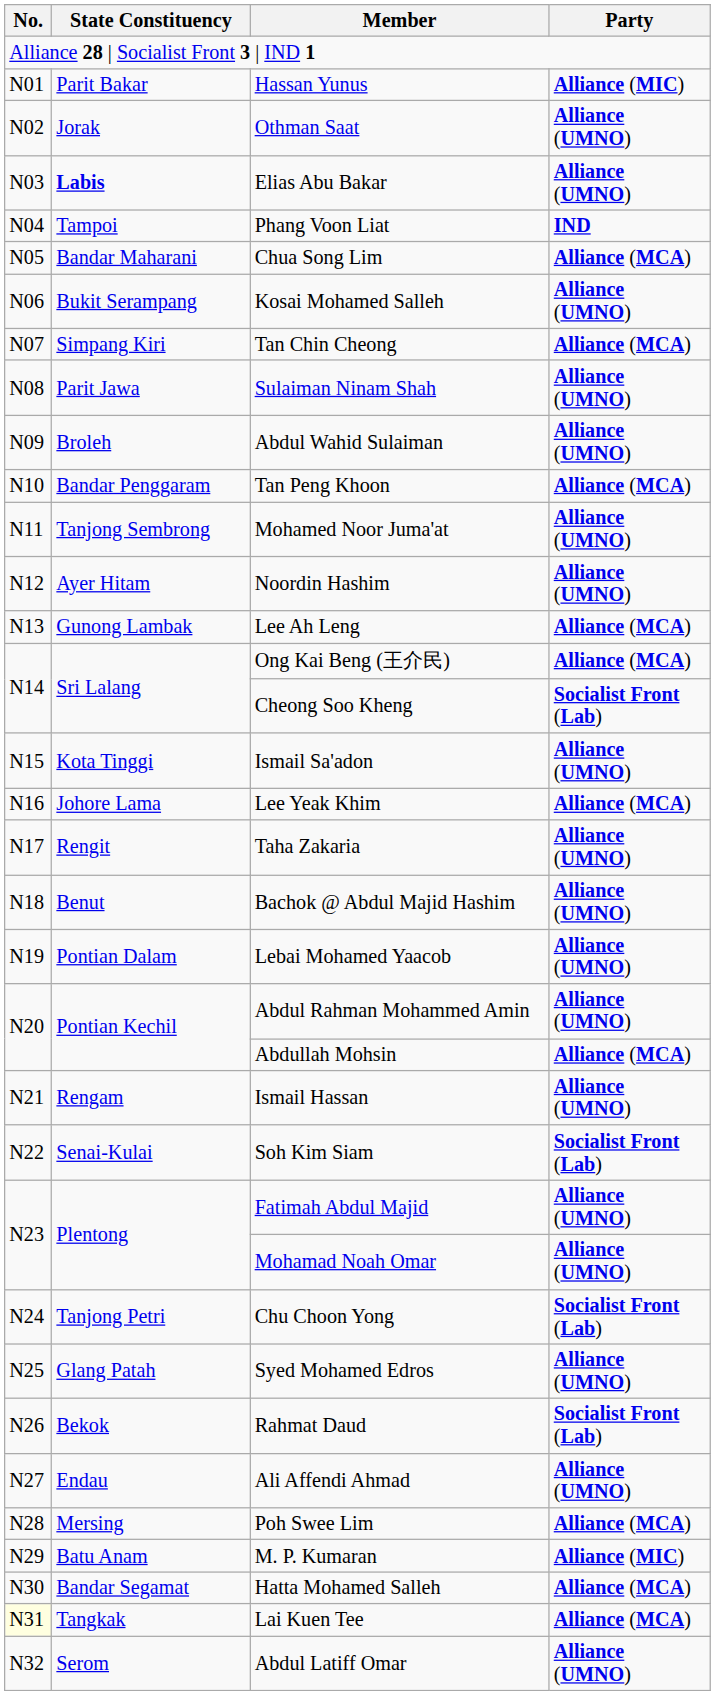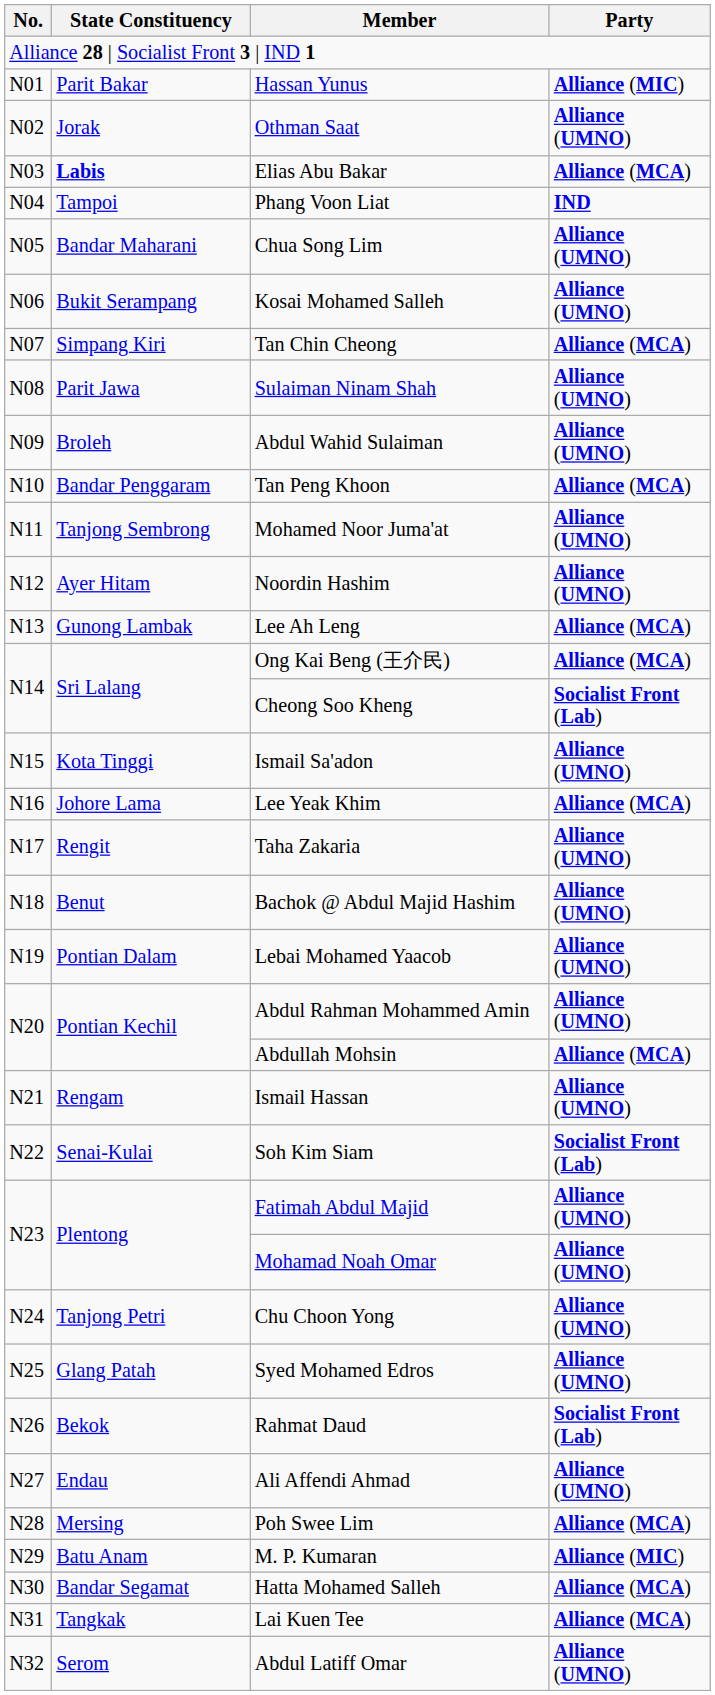 <table class="wikitable sortable">
 <tr>
 <th style="width:30px;">No.</th>
 <th style="width:150px;">State Constituency</th>
 <th style="width:230px;">Member</th>
 <th style="width:120px;">Party</th>
 </tr>
 <tr>
 <td colspan="4"><a href='#'>Alliance</a> <strong>28</strong> | <a href='#'>Socialist Front</a> <strong>3</strong> | <a href='#'>IND</a> <strong>1</strong></td>
 </tr>
 <tr>
 <td>N01</td>
 <td><a href='#'>Parit Bakar</a></td>
 <td><a href='#'>Hassan Yunus</a></td>
 <td><strong><a href='#'>Alliance</a></strong> (<strong><a href='#'>MIC</a></strong>)</td>
 </tr>
 <tr>
 <td>N02</td>
 <td><a href='#'>Jorak</a></td>
 <td><a href='#'>Othman Saat</a></td>
 <td><strong><a href='#'>Alliance</a></strong> (<strong><a href='#'>UMNO</a></strong>)</td>
 </tr>
 <tr>
 <td>N03</td>
 <td><strong><a href='#'>Labis</a></strong></td>
 <td>Elias Abu Bakar</td>
-<td><strong><a href='#'>Alliance</a></strong> (<strong><a href='#'>UMNO</a></strong>)</td>
+<td><strong><a href='#'>Alliance</a></strong> (<strong><a href='#'>MCA</a></strong>)</td>
 </tr>
 <tr>
 <td>N04</td>
 <td><a href='#'>Tampoi</a></td>
 <td>Phang Voon Liat</td>
 <td><strong><a href='#'>IND</a></strong></td>
 </tr>
 <tr>
 <td>N05</td>
 <td><a href='#'>Bandar Maharani</a></td>
 <td>Chua Song Lim</td>
-<td><strong><a href='#'>Alliance</a></strong> (<strong><a href='#'>MCA</a></strong>)</td>
+<td><strong><a href='#'>Alliance</a></strong> (<strong><a href='#'>UMNO</a></strong>)</td>
 </tr>
 <tr>
 <td>N06</td>
 <td><a href='#'>Bukit Serampang</a></td>
 <td>Kosai Mohamed Salleh</td>
 <td><strong><a href='#'>Alliance</a></strong> (<strong><a href='#'>UMNO</a></strong>)</td>
 </tr>
 <tr>
 <td>N07</td>
 <td><a href='#'>Simpang Kiri</a></td>
 <td>Tan Chin Cheong</td>
 <td><strong><a href='#'>Alliance</a></strong> (<strong><a href='#'>MCA</a></strong>)</td>
 </tr>
 <tr>
 <td>N08</td>
 <td><a href='#'>Parit Jawa</a></td>
 <td><a href='#'>Sulaiman Ninam Shah</a></td>
 <td><strong><a href='#'>Alliance</a></strong> (<strong><a href='#'>UMNO</a></strong>)</td>
 </tr>
 <tr>
 <td>N09</td>
 <td><a href='#'>Broleh</a></td>
 <td>Abdul Wahid Sulaiman</td>
 <td><strong><a href='#'>Alliance</a></strong> (<strong><a href='#'>UMNO</a></strong>)</td>
 </tr>
 <tr>
 <td>N10</td>
 <td><a href='#'>Bandar Penggaram</a></td>
 <td>Tan Peng Khoon</td>
 <td><strong><a href='#'>Alliance</a></strong> (<strong><a href='#'>MCA</a></strong>)</td>
 </tr>
 <tr>
 <td>N11</td>
 <td><a href='#'>Tanjong Sembrong</a></td>
 <td>Mohamed Noor Juma'at</td>
 <td><strong><a href='#'>Alliance</a></strong> (<strong><a href='#'>UMNO</a></strong>)</td>
 </tr>
 <tr>
 <td>N12</td>
 <td><a href='#'>Ayer Hitam</a></td>
 <td>Noordin Hashim</td>
 <td><strong><a href='#'>Alliance</a></strong> (<strong><a href='#'>UMNO</a></strong>)</td>
 </tr>
 <tr>
 <td>N13</td>
 <td><a href='#'>Gunong Lambak</a></td>
 <td>Lee Ah Leng</td>
 <td><strong><a href='#'>Alliance</a></strong> (<strong><a href='#'>MCA</a></strong>)</td>
 </tr>
 <tr>
 <td rowspan=2>N14</td>
 <td rowspan=2><a href='#'>Sri Lalang</a></td>
 <td>Ong Kai Beng (王介民) </td>
 <td><strong><a href='#'>Alliance</a></strong> (<strong><a href='#'>MCA</a></strong>)</td>
 </tr>
 <tr>
 <td>Cheong Soo Kheng </td>
 <td><strong><a href='#'>Socialist Front</a></strong> (<strong><a href='#'>Lab</a></strong>)</td>
 </tr>
 <tr>
 <td>N15</td>
 <td><a href='#'>Kota Tinggi</a></td>
 <td>Ismail Sa'adon</td>
 <td><strong><a href='#'>Alliance</a></strong> (<strong><a href='#'>UMNO</a></strong>)</td>
 </tr>
 <tr>
 <td>N16</td>
 <td><a href='#'>Johore Lama</a></td>
 <td>Lee Yeak Khim</td>
 <td><strong><a href='#'>Alliance</a></strong> (<strong><a href='#'>MCA</a></strong>)</td>
 </tr>
 <tr>
 <td>N17</td>
 <td><a href='#'>Rengit</a></td>
 <td>Taha Zakaria</td>
 <td><strong><a href='#'>Alliance</a></strong> (<strong><a href='#'>UMNO</a></strong>)</td>
 </tr>
 <tr>
 <td>N18</td>
 <td><a href='#'>Benut</a></td>
 <td>Bachok @ Abdul Majid Hashim</td>
 <td><strong><a href='#'>Alliance</a></strong> (<strong><a href='#'>UMNO</a></strong>)</td>
 </tr>
 <tr>
 <td>N19</td>
 <td><a href='#'>Pontian Dalam</a></td>
 <td>Lebai Mohamed Yaacob</td>
 <td><strong><a href='#'>Alliance</a></strong> (<strong><a href='#'>UMNO</a></strong>)</td>
 </tr>
 <tr>
 <td rowspan=2>N20</td>
 <td rowspan=2><a href='#'>Pontian Kechil</a></td>
 <td>Abdul Rahman Mohammed Amin </td>
 <td><strong><a href='#'>Alliance</a></strong> (<strong><a href='#'>UMNO</a></strong>)</td>
 </tr>
 <tr>
 <td>Abdullah Mohsin </td>
 <td><strong><a href='#'>Alliance</a></strong> (<strong><a href='#'>MCA</a></strong>)</td>
 </tr>
 <tr>
 <td>N21</td>
 <td><a href='#'>Rengam</a></td>
 <td>Ismail Hassan</td>
 <td><strong><a href='#'>Alliance</a></strong> (<strong><a href='#'>UMNO</a></strong>)</td>
 </tr>
 <tr>
 <td>N22</td>
 <td><a href='#'>Senai-Kulai</a></td>
 <td>Soh Kim Siam</td>
 <td><strong><a href='#'>Socialist Front</a></strong> (<strong><a href='#'>Lab</a></strong>)</td>
 </tr>
 <tr>
 <td rowspan=2>N23</td>
 <td rowspan=2><a href='#'>Plentong</a></td>
 <td><a href='#'>Fatimah Abdul Majid</a> </td>
 <td><strong><a href='#'>Alliance</a></strong> (<strong><a href='#'>UMNO</a></strong>)</td>
 </tr>
 <tr>
 <td><a href='#'>Mohamad Noah Omar</a> </td>
 <td><strong><a href='#'>Alliance</a></strong> (<strong><a href='#'>UMNO</a></strong>)</td>
 </tr>
 <tr>
 <td>N24</td>
 <td><a href='#'>Tanjong Petri</a></td>
 <td>Chu Choon Yong</td>
-<td><strong><a href='#'>Socialist Front</a></strong> (<strong><a href='#'>Lab</a></strong>)</td>
+<td><strong><a href='#'>Alliance</a></strong> (<strong><a href='#'>UMNO</a></strong>)</td>
 </tr>
 <tr>
 <td>N25</td>
 <td><a href='#'>Glang Patah</a></td>
 <td>Syed Mohamed Edros</td>
 <td><strong><a href='#'>Alliance</a></strong> (<strong><a href='#'>UMNO</a></strong>)</td>
 </tr>
 <tr>
 <td>N26</td>
 <td><a href='#'>Bekok</a></td>
 <td>Rahmat Daud</td>
 <td><strong><a href='#'>Socialist Front</a></strong> (<strong><a href='#'>Lab</a></strong>)</td>
 </tr>
 <tr>
 <td>N27</td>
 <td><a href='#'>Endau</a></td>
 <td>Ali Affendi Ahmad</td>
 <td><strong><a href='#'>Alliance</a></strong> (<strong><a href='#'>UMNO</a></strong>)</td>
 </tr>
 <tr>
 <td>N28</td>
 <td><a href='#'>Mersing</a></td>
 <td>Poh Swee Lim</td>
 <td><strong><a href='#'>Alliance</a></strong> (<strong><a href='#'>MCA</a></strong>)</td>
 </tr>
 <tr>
 <td>N29</td>
 <td><a href='#'>Batu Anam</a></td>
 <td>M. P. Kumaran</td>
 <td><strong><a href='#'>Alliance</a></strong> (<strong><a href='#'>MIC</a></strong>)</td>
 </tr>
 <tr>
 <td>N30</td>
 <td><a href='#'>Bandar Segamat</a></td>
 <td>Hatta Mohamed Salleh</td>
 <td><strong><a href='#'>Alliance</a></strong> (<strong><a href='#'>MCA</a></strong>)</td>
 </tr>
 <tr>
-<td style="background: lightyellow;">N31</td>
+<td>N31</td>
 <td><a href='#'>Tangkak</a></td>
 <td>Lai Kuen Tee</td>
 <td><strong><a href='#'>Alliance</a></strong> (<strong><a href='#'>MCA</a></strong>)</td>
 </tr>
 <tr>
 <td>N32</td>
 <td><a href='#'>Serom</a></td>
 <td>Abdul Latiff Omar</td>
 <td><strong><a href='#'>Alliance</a></strong> (<strong><a href='#'>UMNO</a></strong>)</td>
 </tr>
 </table>
